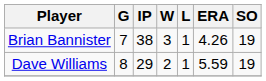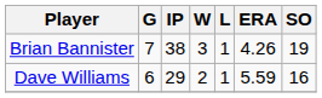 <table class="wikitable sortable">
 <tr>
 <th>Player</th>
 <th>G</th>
 <th>IP</th>
 <th>W</th>
 <th>L</th>
 <th>ERA</th>
 <th>SO</th>
 </tr>
 <tr align="center">
 <td><a href='#'>Brian Bannister</a></td>
 <td>7</td>
 <td>38</td>
 <td>3</td>
 <td>1</td>
 <td>4.26</td>
 <td>19</td>
 </tr>
 <tr align="center">
 <td><a href='#'>Dave Williams</a></td>
-<td>8</td>
+<td>6</td>
 <td>29</td>
 <td>2</td>
 <td>1</td>
 <td>5.59</td>
-<td>19</td>
+<td>16</td>
 </tr>
 <tr align="center">
 </tr>
 </table>
